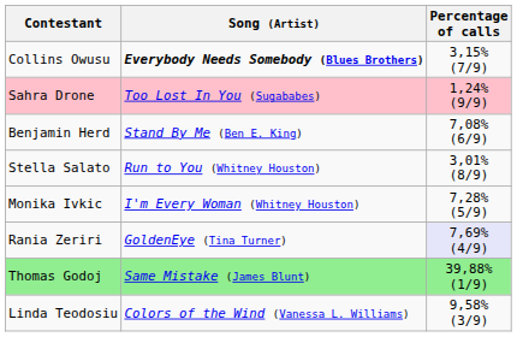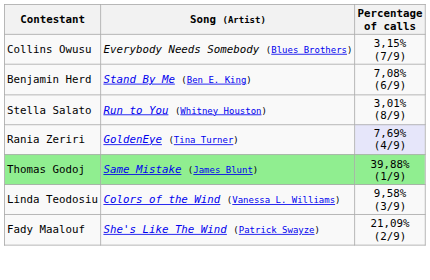 <table class="wikitable">
 <tr>
 <th width="110">Contestant</th>
 <th width="300">Song <small>(Artist)</small></th>
 <th width="28">Percentage of calls</th>
 </tr>
 <tr>
 <td align="left">Collins Owusu</td>
-<td align="left"><strong><em>Everybody Needs Somebody</em> <small>(<a href='#'>Blues Brothers</a>)</small></strong></td>
+<td align="left"><em>Everybody Needs Somebody</em> <small>(<a href='#'>Blues Brothers</a>)</small></td>
 <td align="center">3,15% (7/9)</td>
-</tr>
-<tr bgcolor="pink">
-<td align="left">Sahra Drone</td>
-<td align="left"><em><a href='#'>Too Lost In You</a></em> <small>(<a href='#'>Sugababes</a>)</small></td>
-<td align="center">1,24% (9/9)</td>
 </tr>
 <tr>
 <td align="left">Benjamin Herd</td>
 <td align="left"><em><a href='#'>Stand By Me</a></em> <small>(<a href='#'>Ben E. King</a>)</small></td>
 <td align="center">7,08% (6/9)</td>
 </tr>
 <tr>
 <td align="left">Stella Salato</td>
 <td align="left"><em><a href='#'>Run to You</a></em> <small>(<a href='#'>Whitney Houston</a>)</small></td>
 <td align="center">3,01% (8/9)</td>
-</tr>
-<tr>
-<td align="left">Monika Ivkic</td>
-<td align="left"><em><a href='#'>I'm Every Woman</a></em> <small>(<a href='#'>Whitney Houston</a>)</small></td>
-<td align="center">7,28% (5/9)</td>
 </tr>
 <tr>
 <td align="left">Rania Zeriri</td>
 <td align="left"><em><a href='#'>GoldenEye</a></em> <small>(<a href='#'>Tina Turner</a>)</small></td>
 <td align="center" style="background: lavender;">7,69% (4/9)</td>
 </tr>
 <tr style="background:lightgreen;">
 <td align="left">Thomas Godoj</td>
 <td align="left"><em><a href='#'>Same Mistake</a></em> <small>(<a href='#'>James Blunt</a>)</small></td>
 <td align="center">39,88% (1/9)</td>
 </tr>
 <tr>
 <td align="left">Linda Teodosiu</td>
 <td align="left"><em><a href='#'>Colors of the Wind</a></em> <small>(<a href='#'>Vanessa L. Williams</a>)</small></td>
 <td align="center">9,58% (3/9)</td>
 </tr>
+<tr>
+<td align="left">Fady Maalouf</td>
+<td align="left"><em><a href='#'>She's Like The Wind</a></em> <small>(<a href='#'>Patrick Swayze</a>)</small></td>
+<td align="center">21,09% (2/9)</td>
+</tr>
 </table>
